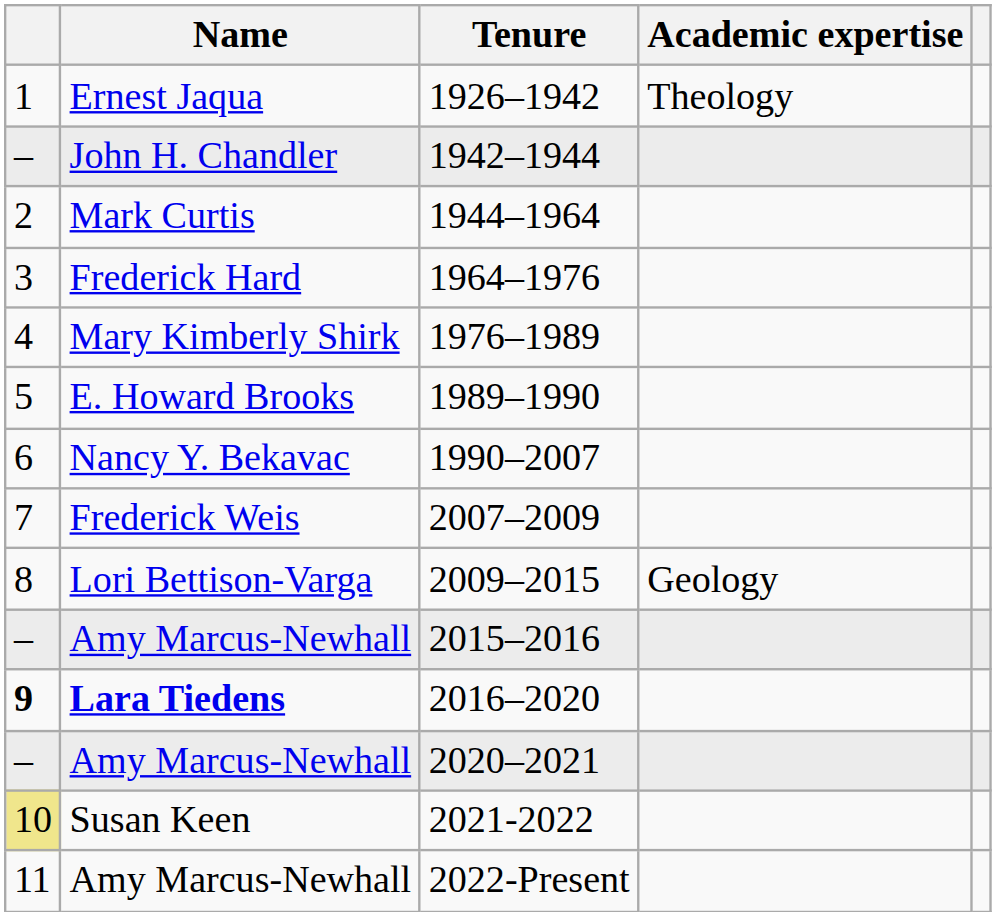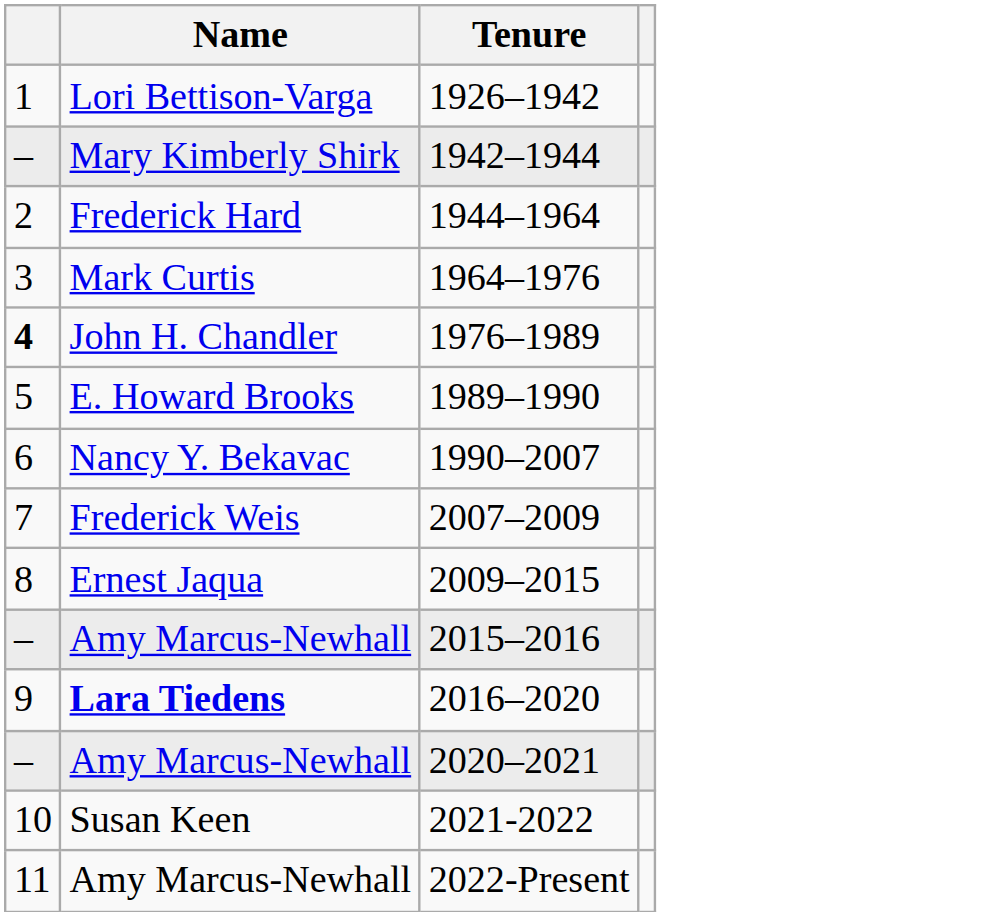 <table class="wikitable" style="border:2px solid #">
 <tr>
 <th scope="col"></th>
 <th scope="col">Name</th>
 <th scope="col">Tenure</th>
-<th scope="col">Academic expertise</th>
 <th scope="col"></th>
 </tr>
 <tr>
 <td>1</td>
-<td style="text-align:left;"><a href='#'>Ernest Jaqua</a></td>
+<td style="text-align:left;"><a href='#'>Lori Bettison-Varga</a></td>
 <td>1926–1942</td>
-<td>Theology</td>
 <td></td>
 </tr>
 <tr style="background:#ececec;">
 <td>–</td>
-<td style="text-align:left;"><a href='#'>John H. Chandler</a></td>
+<td style="text-align:left;"><a href='#'>Mary Kimberly Shirk</a></td>
 <td>1942–1944</td>
-<td></td>
 <td></td>
 </tr>
 <tr>
 <td>2</td>
-<td style="text-align:left;"><a href='#'>Mark Curtis</a></td>
+<td style="text-align:left;"><a href='#'>Frederick Hard</a></td>
 <td>1944–1964</td>
-<td></td>
 <td></td>
 </tr>
 <tr>
 <td>3</td>
-<td style="text-align:left;"><a href='#'>Frederick Hard</a></td>
+<td style="text-align:left;"><a href='#'>Mark Curtis</a></td>
 <td>1964–1976</td>
-<td></td>
 <td></td>
 </tr>
 <tr>
-<td>4</td>
-<td style="text-align:left;"><a href='#'>Mary Kimberly Shirk</a></td>
+<td><strong>4</strong></td>
+<td style="text-align:left;"><a href='#'>John H. Chandler</a></td>
 <td>1976–1989</td>
-<td></td>
 <td></td>
 </tr>
 <tr>
 <td>5</td>
 <td style="text-align:left;"><a href='#'>E. Howard Brooks</a></td>
 <td>1989–1990</td>
 <td></td>
-<td></td>
 </tr>
 <tr>
 <td>6</td>
 <td style="text-align:left;"><a href='#'>Nancy Y. Bekavac</a></td>
 <td>1990–2007</td>
-<td></td>
 <td></td>
 </tr>
 <tr>
 <td>7</td>
 <td style="text-align:left;"><a href='#'>Frederick Weis</a></td>
 <td>2007–2009</td>
 <td></td>
-<td></td>
 </tr>
 <tr>
 <td>8</td>
-<td style="text-align:left;"><a href='#'>Lori Bettison-Varga</a></td>
+<td style="text-align:left;"><a href='#'>Ernest Jaqua</a></td>
 <td>2009–2015</td>
-<td>Geology</td>
 <td></td>
 </tr>
 <tr style="background:#ececec;">
 <td>–</td>
 <td style="text-align:left;"><a href='#'>Amy Marcus-Newhall</a></td>
 <td>2015–2016</td>
 <td></td>
-<td></td>
 </tr>
 <tr>
-<td><strong>9</strong></td>
+<td>9</td>
 <td style="text-align:left;"><strong><a href='#'>Lara Tiedens</a></strong></td>
 <td>2016–2020</td>
-<td></td>
 <td></td>
 </tr>
 <tr style="background:#ececec;">
 <td>–</td>
 <td style="text-align:left;"><a href='#'>Amy Marcus-Newhall</a></td>
 <td>2020–2021</td>
 <td></td>
-<td></td>
 </tr>
 <tr>
-<td style="background: khaki;">10</td>
+<td>10</td>
 <td style="text-align:left;">Susan Keen</td>
 <td>2021-2022</td>
-<td></td>
 <td></td>
 </tr>
 <tr>
 <td>11</td>
 <td style="text-align:left;">Amy Marcus-Newhall</td>
 <td>2022-Present</td>
 <td></td>
-<td></td>
 </tr>
 </table>
